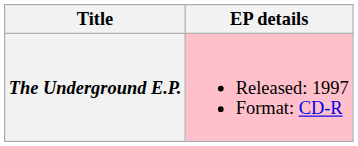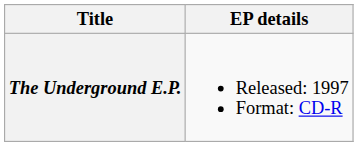 <table class="wikitable">
 <tr>
 <th scope="col">Title</th>
 <th scope="col">EP details</th>
 </tr>
 <tr>
 <th scope="row"><em>The Underground E.P.</em></th>
-<td style="background: pink;"><br><ul><li>Released: 1997</li><li>Format: <a href='#'>CD-R</a></li></ul></td>
+<td><br><ul><li>Released: 1997</li><li>Format: <a href='#'>CD-R</a></li></ul></td>
 </tr>
 </table>
